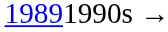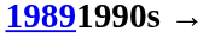 <table id=toc class=toc summary=Contents>
 <tr>
 <th></th>
 </tr>
 <tr>
-<td align=center><a href='#'>1989</a>1990s →</td>
+<td align=center><strong><a href='#'>1989</a>1990s →</strong></td>
 </tr>
 </table>
